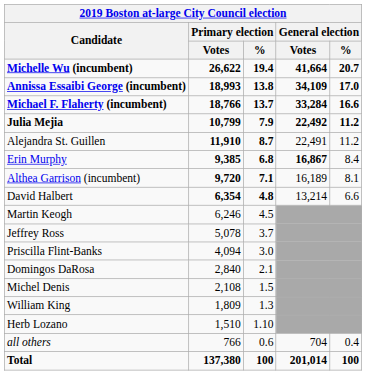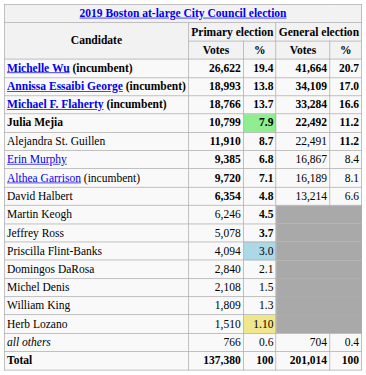 <table class=wikitable>
 <tr>
 <th colspan=5><a href='#'>2019 Boston at-large City Council election</a></th>
 </tr>
 <tr>
 <th colspan=1 rowspan=2>Candidate</th>
 <th colspan=2><strong>Primary election</strong></th>
 <th colspan=2><strong>General election</strong></th>
 </tr>
 <tr>
 <th>Votes</th>
 <th>%</th>
 <th>Votes</th>
 <th>%</th>
 </tr>
 <tr>
 <td><strong><a href='#'>Michelle Wu</a> (incumbent)</strong></td>
 <td align="right"><strong>26,622</strong></td>
 <td align="right"><strong>19.4</strong></td>
 <td align="right"><strong>41,664</strong></td>
 <td align="right"><strong>20.7</strong></td>
 </tr>
 <tr>
 <td><strong><a href='#'>Annissa Essaibi George</a> (incumbent)</strong></td>
 <td align="right"><strong>18,993</strong></td>
 <td align="right"><strong>13.8</strong></td>
 <td align="right"><strong>34,109</strong></td>
 <td align="right"><strong>17.0</strong></td>
 </tr>
 <tr>
 <td><strong><a href='#'>Michael F. Flaherty</a> (incumbent)</strong></td>
 <td align="right"><strong>18,766</strong></td>
 <td align="right"><strong>13.7</strong></td>
 <td align="right"><strong>33,284</strong></td>
 <td align="right"><strong>16.6</strong></td>
 </tr>
 <tr>
 <td><strong>Julia Mejia</strong></td>
 <td align="right"><strong>10,799</strong></td>
-<td align="right"><strong>7.9</strong></td>
+<td align="right" style="background: lightgreen;"><strong>7.9</strong></td>
 <td align="right"><strong>22,492</strong></td>
 <td align="right"><strong>11.2</strong></td>
 </tr>
 <tr>
 <td>Alejandra St. Guillen</td>
 <td align="right"><strong>11,910</strong></td>
 <td align="right"><strong>8.7</strong></td>
 <td align="right">22,491</td>
-<td align="right">11.2</td>
+<td align="right"><strong>11.2</strong></td>
 </tr>
 <tr>
 <td><a href='#'>Erin Murphy</a></td>
 <td align="right"><strong>9,385</strong></td>
 <td align="right"><strong>6.8</strong></td>
-<td align="right"><strong>16,867</strong></td>
+<td align="right">16,867</td>
 <td align="right">8.4</td>
 </tr>
 <tr>
 <td><a href='#'>Althea Garrison</a> (incumbent)</td>
 <td align="right"><strong>9,720</strong></td>
 <td align="right"><strong>7.1</strong></td>
 <td align="right">16,189</td>
 <td align="right">8.1</td>
 </tr>
 <tr>
 <td>David Halbert</td>
 <td align="right"><strong>6,354</strong></td>
 <td align="right"><strong>4.8</strong></td>
 <td align="right">13,214</td>
 <td align="right">6.6</td>
 </tr>
 <tr>
 <td>Martin Keogh</td>
 <td align="right">6,246</td>
-<td align="right">4.5</td>
+<td align="right"><strong>4.5</strong></td>
 <td colspan=2 bgcolor=darkgray> </td>
 </tr>
 <tr>
 <td>Jeffrey Ross</td>
 <td align="right">5,078</td>
-<td align="right">3.7</td>
+<td align="right"><strong>3.7</strong></td>
 <td colspan=2 bgcolor=darkgray> </td>
 </tr>
 <tr>
 <td>Priscilla Flint-Banks</td>
 <td align="right">4,094</td>
-<td align="right">3.0</td>
+<td align="right" style="background: lightblue;">3.0</td>
 <td colspan=2 bgcolor=darkgray> </td>
 </tr>
 <tr>
 <td>Domingos DaRosa</td>
 <td align="right">2,840</td>
 <td align="right">2.1</td>
 <td colspan=2 bgcolor=darkgray> </td>
 </tr>
 <tr>
 <td>Michel Denis</td>
 <td align="right">2,108</td>
 <td align="right">1.5</td>
 <td colspan=2 bgcolor=darkgray> </td>
 </tr>
 <tr>
 <td>William King</td>
 <td align="right">1,809</td>
 <td align="right">1.3</td>
 <td colspan=2 bgcolor=darkgray> </td>
 </tr>
 <tr>
 <td>Herb Lozano</td>
 <td align="right">1,510</td>
-<td align="right">1.10</td>
+<td align="right" style="background: khaki;">1.10</td>
 <td colspan=2 bgcolor=darkgray> </td>
 </tr>
 <tr>
 <td><em>all others</em></td>
 <td align="right">766</td>
 <td align="right">0.6</td>
 <td align="right">704</td>
 <td align="right">0.4</td>
 </tr>
 <tr>
 <td><strong>Total</strong></td>
 <td align="right"><strong>137,380</strong></td>
 <td align="right"><strong>100</strong></td>
 <td align="right"><strong>201,014</strong></td>
 <td align="right"><strong>100</strong></td>
 </tr>
 </table>
